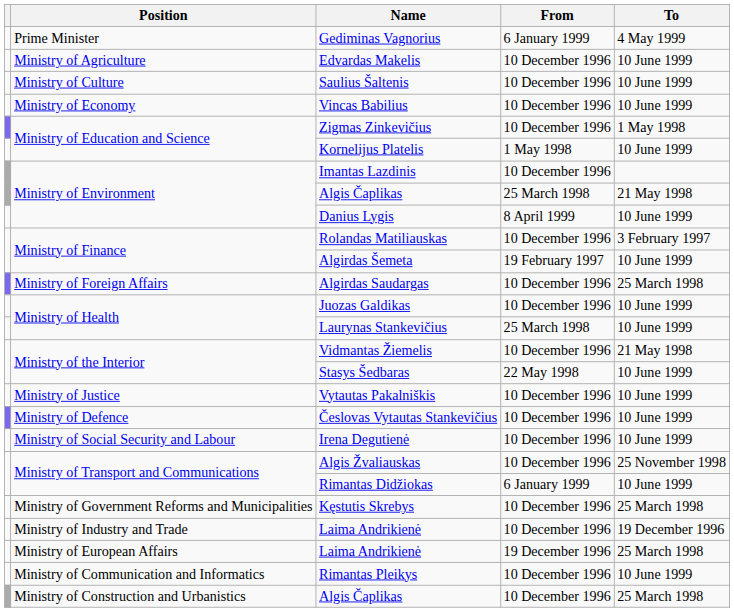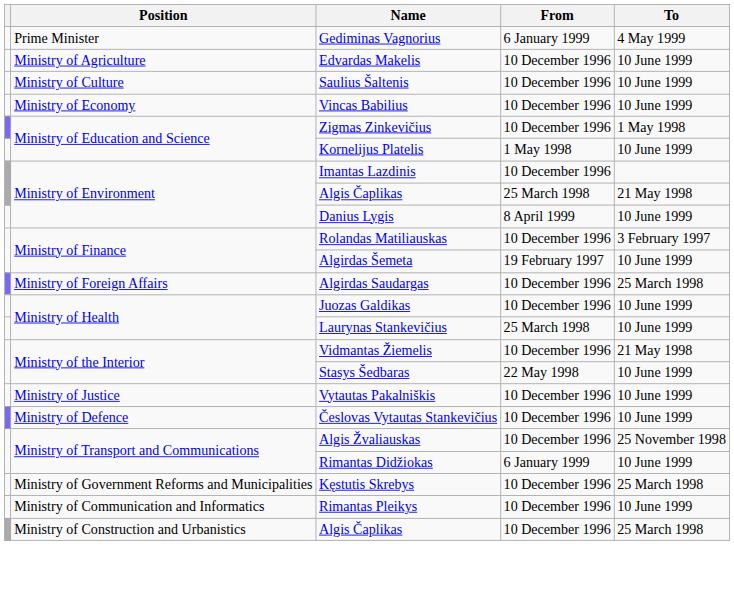 <table class="wikitable">
 <tr>
 <th></th>
 <th>Position</th>
 <th>Name</th>
 <th>From</th>
 <th>To</th>
 </tr>
 <tr>
 <td style="background-color: "></td>
 <td>Prime Minister</td>
 <td><a href='#'>Gediminas Vagnorius</a></td>
 <td>6 January 1999</td>
 <td>4 May 1999</td>
 </tr>
 <tr>
 <td style="background-color: "></td>
 <td><a href='#'>Ministry of Agriculture</a></td>
 <td><a href='#'>Edvardas Makelis</a></td>
 <td>10 December 1996</td>
 <td>10 June 1999</td>
 </tr>
 <tr>
 <td style="background-color: "></td>
 <td><a href='#'>Ministry of Culture</a></td>
 <td><a href='#'>Saulius Šaltenis</a></td>
 <td>10 December 1996</td>
 <td>10 June 1999</td>
 </tr>
 <tr>
 <td style="background-color: "></td>
 <td><a href='#'>Ministry of Economy</a></td>
 <td><a href='#'>Vincas Babilius</a></td>
 <td>10 December 1996</td>
 <td>10 June 1999</td>
 </tr>
 <tr>
 <td style="background-color: #7B68EE"></td>
 <td rowspan=2><a href='#'>Ministry of Education and Science</a></td>
 <td><a href='#'>Zigmas Zinkevičius</a></td>
 <td>10 December 1996</td>
 <td>1 May 1998</td>
 </tr>
 <tr>
 <td style="background-color: "></td>
 <td><a href='#'>Kornelijus Platelis</a></td>
 <td>1 May 1998</td>
 <td>10 June 1999</td>
 </tr>
 <tr>
 <td rowspan=2 style="background-color: #ABABAB"></td>
 <td rowspan=3><a href='#'>Ministry of Environment</a></td>
 <td><a href='#'>Imantas Lazdinis</a></td>
 <td>10 December 1996</td>
 <td></td>
 </tr>
 <tr>
 <td><a href='#'>Algis Čaplikas</a></td>
 <td>25 March 1998</td>
 <td>21 May 1998</td>
 </tr>
 <tr>
 <td style="background-color: "></td>
 <td><a href='#'>Danius Lygis</a></td>
 <td>8 April 1999</td>
 <td>10 June 1999</td>
 </tr>
 <tr>
 <td rowspan=2 style="background-color: "></td>
 <td rowspan=2><a href='#'>Ministry of Finance</a></td>
 <td><a href='#'>Rolandas Matiliauskas</a></td>
 <td>10 December 1996</td>
 <td>3 February 1997</td>
 </tr>
 <tr>
 <td><a href='#'>Algirdas Šemeta</a></td>
 <td>19 February 1997</td>
 <td>10 June 1999</td>
 </tr>
 <tr>
 <td style="background-color: #7B68EE"></td>
 <td><a href='#'>Ministry of Foreign Affairs</a></td>
 <td><a href='#'>Algirdas Saudargas</a></td>
 <td>10 December 1996</td>
 <td>25 March 1998</td>
 </tr>
 <tr>
 <td style="background-color: "></td>
 <td rowspan=2><a href='#'>Ministry of Health</a></td>
 <td><a href='#'>Juozas Galdikas</a></td>
 <td>10 December 1996</td>
 <td>10 June 1999</td>
 </tr>
 <tr>
 <td style="background-color: "></td>
 <td><a href='#'>Laurynas Stankevičius</a></td>
 <td>25 March 1998</td>
 <td>10 June 1999</td>
 </tr>
 <tr>
 <td rowspan=2 style="background-color: "></td>
 <td rowspan=2><a href='#'>Ministry of the Interior</a></td>
 <td><a href='#'>Vidmantas Žiemelis</a></td>
 <td>10 December 1996</td>
 <td>21 May 1998</td>
 </tr>
 <tr>
 <td><a href='#'>Stasys Šedbaras</a></td>
 <td>22 May 1998</td>
 <td>10 June 1999</td>
 </tr>
 <tr>
 <td style="background-color: "></td>
 <td><a href='#'>Ministry of Justice</a></td>
 <td><a href='#'>Vytautas Pakalniškis</a></td>
 <td>10 December 1996</td>
 <td>10 June 1999</td>
 </tr>
 <tr>
 <td style="background-color: #7B68EE"></td>
 <td><a href='#'>Ministry of Defence</a></td>
 <td><a href='#'>Česlovas Vytautas Stankevičius</a></td>
 <td>10 December 1996</td>
 <td>10 June 1999</td>
 </tr>
 <tr>
-<td style="background-color: "></td>
-<td><a href='#'>Ministry of Social Security and Labour</a></td>
-<td><a href='#'>Irena Degutienė</a></td>
-<td>10 December 1996</td>
-<td>10 June 1999</td>
-</tr>
-<tr>
 <td rowspan=2 style="background-color: "></td>
 <td rowspan=2><a href='#'>Ministry of Transport and Communications</a></td>
 <td><a href='#'>Algis Žvaliauskas</a></td>
 <td>10 December 1996</td>
 <td>25 November 1998</td>
 </tr>
 <tr>
 <td><a href='#'>Rimantas Didžiokas</a></td>
 <td>6 January 1999</td>
 <td>10 June 1999</td>
 </tr>
 <tr>
 <td style="background-color: "></td>
 <td>Ministry of Government Reforms and Municipalities</td>
 <td><a href='#'>Kęstutis Skrebys</a></td>
 <td>10 December 1996</td>
 <td>25 March 1998</td>
 </tr>
 <tr>
 <td style="background-color: "></td>
-<td>Ministry of Industry and Trade</td>
-<td><a href='#'>Laima Andrikienė</a></td>
-<td>10 December 1996</td>
-<td>19 December 1996</td>
-</tr>
-<tr>
-<td style="background-color: "></td>
-<td>Ministry of European Affairs</td>
-<td><a href='#'>Laima Andrikienė</a></td>
-<td>19 December 1996</td>
-<td>25 March 1998</td>
-</tr>
-<tr>
-<td style="background-color: "></td>
 <td>Ministry of Communication and Informatics</td>
 <td><a href='#'>Rimantas Pleikys</a></td>
 <td>10 December 1996</td>
 <td>10 June 1999</td>
 </tr>
 <tr>
 <td style="background-color: #ABABAB"></td>
 <td>Ministry of Construction and Urbanistics</td>
 <td><a href='#'>Algis Čaplikas</a></td>
 <td>10 December 1996</td>
 <td>25 March 1998</td>
 </tr>
 </table>
